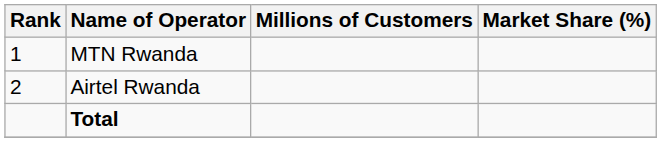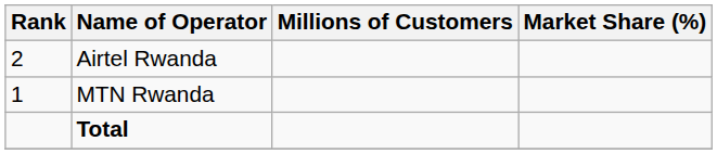 <table class="wikitable sortable" style="margin: 0.5em auto">
 <tr>
 <th>Rank</th>
 <th>Name of Operator</th>
 <th>Millions of Customers</th>
 <th>Market Share (%)</th>
 </tr>
 <tr>
-<td>1</td>
-<td>MTN Rwanda</td>
+<td>2</td>
+<td>Airtel Rwanda</td>
 <td></td>
 <td></td>
 </tr>
 <tr>
-<td>2</td>
-<td>Airtel Rwanda</td>
+<td>1</td>
+<td>MTN Rwanda</td>
 <td></td>
 <td></td>
 </tr>
 <tr>
 <td></td>
 <td><strong>Total</strong></td>
 <td></td>
 <td></td>
 </tr>
 <tr>
 </tr>
 </table>
